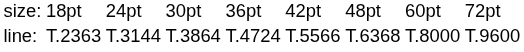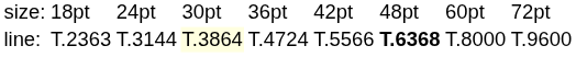 <table style="margin-left:40px;">
 <tr>
 <td>size:</td>
 <td>18pt</td>
 <td>24pt</td>
 <td>30pt</td>
 <td>36pt</td>
 <td>42pt</td>
 <td>48pt</td>
 <td>60pt</td>
 <td>72pt</td>
 </tr>
 <tr>
 <td>line:</td>
 <td>T.2363</td>
 <td>T.3144</td>
-<td>T.3864</td>
+<td style="background: lightyellow;">T.3864</td>
 <td>T.4724</td>
 <td>T.5566</td>
-<td>T.6368</td>
+<td><strong>T.6368</strong></td>
 <td>T.8000</td>
 <td>T.9600</td>
 </tr>
 </table>
